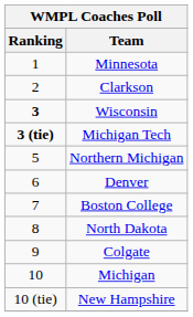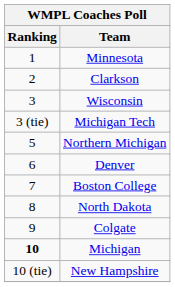 <table class="wikitable" style="text-align:center;">
 <tr>
 <th colspan=2><strong>WMPL Coaches Poll</strong></th>
 </tr>
 <tr>
 <th>Ranking</th>
 <th>Team</th>
 </tr>
 <tr>
 <td>1</td>
 <td><a href='#'>Minnesota</a></td>
 </tr>
 <tr>
 <td>2</td>
 <td><a href='#'>Clarkson</a></td>
 </tr>
 <tr>
-<td><strong>3</strong></td>
+<td>3</td>
 <td><a href='#'>Wisconsin</a></td>
 </tr>
 <tr>
-<td><strong>3 (tie)</strong></td>
+<td>3 (tie)</td>
 <td><a href='#'>Michigan Tech</a></td>
 </tr>
 <tr>
 <td>5</td>
 <td><a href='#'>Northern Michigan</a></td>
 </tr>
 <tr>
 <td>6</td>
 <td><a href='#'>Denver</a></td>
 </tr>
 <tr>
 <td>7</td>
 <td><a href='#'>Boston College</a></td>
 </tr>
 <tr>
 <td>8</td>
 <td><a href='#'>North Dakota</a></td>
 </tr>
 <tr>
 <td>9</td>
 <td><a href='#'>Colgate</a></td>
 </tr>
 <tr>
-<td>10</td>
+<td><strong>10</strong></td>
 <td><a href='#'>Michigan</a></td>
 </tr>
 <tr>
 <td>10 (tie)</td>
 <td><a href='#'>New Hampshire</a></td>
 </tr>
 <tr>
 </tr>
 </table>
